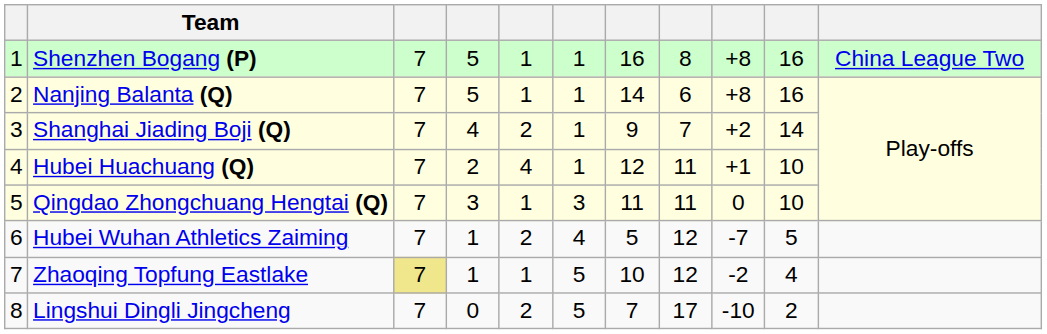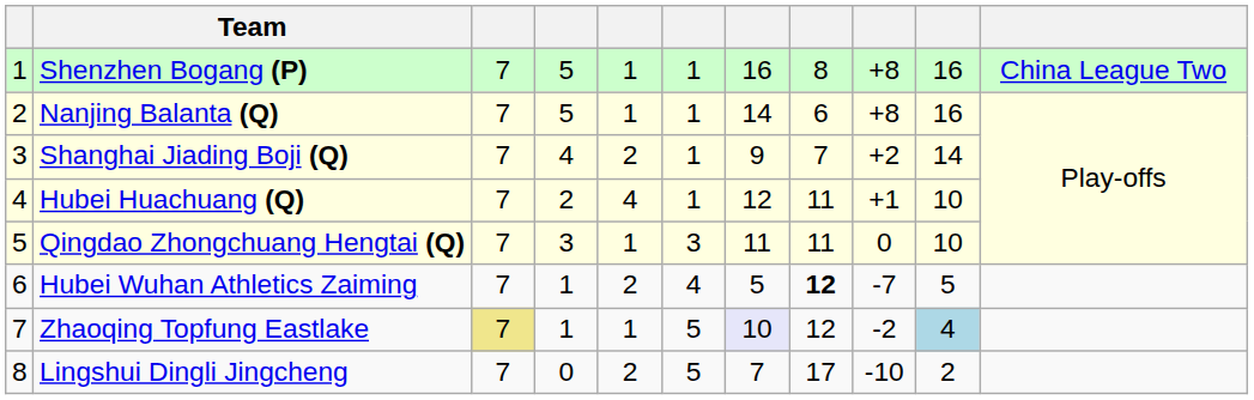 <table class="wikitable" style="text-align:center;">
 <tr>
 <th></th>
 <th width=250>Team</th>
 <th width=30></th>
 <th width=30></th>
 <th width=30></th>
 <th width=30></th>
 <th width=30></th>
 <th width=30></th>
 <th width=30></th>
 <th width=30></th>
 <th width=150></th>
 </tr>
 <tr bgcolor="#ccffcc">
 <td>1</td>
 <td align="left"><a href='#'>Shenzhen Bogang</a> <strong>(P)</strong></td>
 <td>7</td>
 <td>5</td>
 <td>1</td>
 <td>1</td>
 <td>16</td>
 <td>8</td>
 <td>+8</td>
 <td>16</td>
 <td><a href='#'>China League Two</a></td>
 </tr>
 <tr bgcolor="#FFFFE0">
 <td>2</td>
 <td align="left"><a href='#'>Nanjing Balanta</a> <strong>(Q)</strong></td>
 <td>7</td>
 <td>5</td>
 <td>1</td>
 <td>1</td>
 <td>14</td>
 <td>6</td>
 <td>+8</td>
 <td>16</td>
 <td rowspan=4>Play-offs</td>
 </tr>
 <tr bgcolor="#FFFFE0">
 <td>3</td>
 <td align="left"><a href='#'>Shanghai Jiading Boji</a> <strong>(Q)</strong></td>
 <td>7</td>
 <td>4</td>
 <td>2</td>
 <td>1</td>
 <td>9</td>
 <td>7</td>
 <td>+2</td>
 <td>14</td>
 </tr>
 <tr bgcolor="#FFFFE0">
 <td>4</td>
 <td align="left"><a href='#'>Hubei Huachuang</a> <strong>(Q)</strong></td>
 <td>7</td>
 <td>2</td>
 <td>4</td>
 <td>1</td>
 <td>12</td>
 <td>11</td>
 <td>+1</td>
 <td>10</td>
 </tr>
 <tr bgcolor="#FFFFE0">
 <td>5</td>
 <td align="left"><a href='#'>Qingdao Zhongchuang Hengtai</a> <strong>(Q)</strong></td>
 <td>7</td>
 <td>3</td>
 <td>1</td>
 <td>3</td>
 <td>11</td>
 <td>11</td>
 <td>0</td>
 <td>10</td>
 </tr>
 <tr>
 <td>6</td>
 <td align="left"><a href='#'>Hubei Wuhan Athletics Zaiming</a></td>
 <td>7</td>
 <td>1</td>
 <td>2</td>
 <td>4</td>
 <td>5</td>
-<td>12</td>
+<td><strong>12</strong></td>
 <td>-7</td>
 <td>5</td>
 <td></td>
 </tr>
 <tr>
 <td>7</td>
 <td align="left"><a href='#'>Zhaoqing Topfung Eastlake</a></td>
 <td style="background: khaki;">7</td>
 <td>1</td>
 <td>1</td>
 <td>5</td>
-<td>10</td>
+<td style="background: lavender;">10</td>
 <td>12</td>
 <td>-2</td>
-<td>4</td>
+<td style="background: lightblue;">4</td>
 <td></td>
 </tr>
 <tr>
 <td>8</td>
 <td align="left"><a href='#'>Lingshui Dingli Jingcheng</a></td>
 <td>7</td>
 <td>0</td>
 <td>2</td>
 <td>5</td>
 <td>7</td>
 <td>17</td>
 <td>-10</td>
 <td>2</td>
 <td></td>
 </tr>
 </table>
